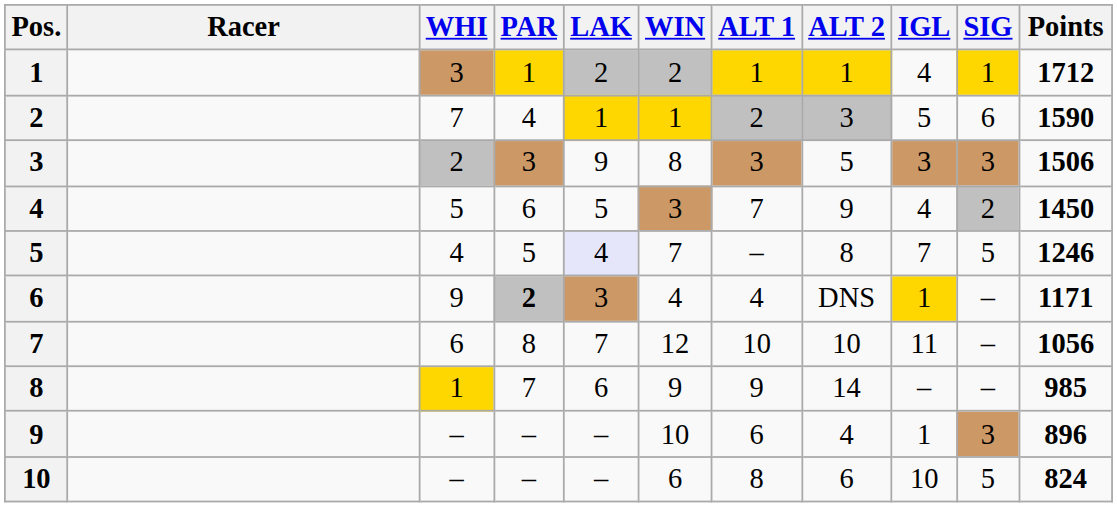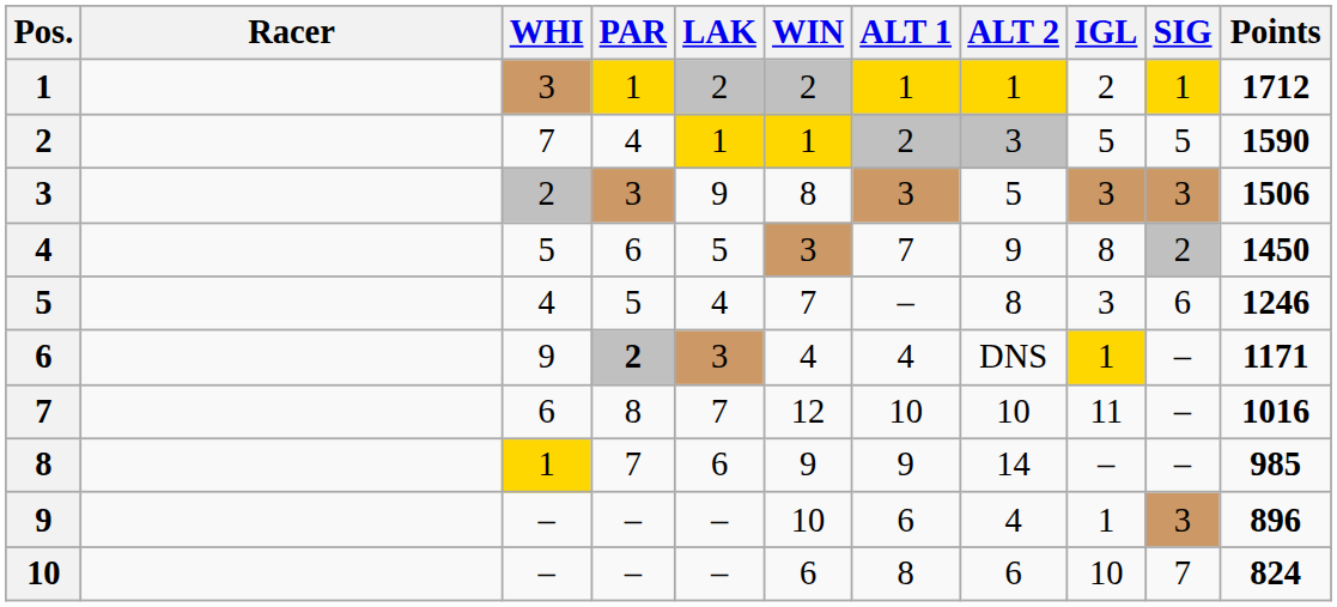 <table class="wikitable sortable plainrowheaders" style="text-align:center;">
 <tr>
 <th scope="col">Pos.</th>
 <th scope="col" style="width:190px;">Racer</th>
 <th scope="col"><strong> <a href='#'>WHI</a></strong></th>
 <th><strong> <a href='#'>PAR</a></strong></th>
 <th><strong> <a href='#'>LAK</a></strong></th>
 <th><strong> <a href='#'>WIN</a></strong></th>
 <th><strong> <a href='#'>ALT 1</a></strong></th>
 <th><strong> <a href='#'>ALT 2</a></strong></th>
 <th><strong> <a href='#'>IGL</a></strong></th>
 <th><strong> <a href='#'>SIG</a></strong></th>
 <th style="width:45px;">Points</th>
 </tr>
 <tr>
 <th>1</th>
 <td style="text-align:left"></td>
 <td style="background:#c96">3</td>
 <td style="background:gold">1</td>
 <td style="background:silver">2</td>
 <td style="background:silver">2</td>
 <td style="background:gold">1</td>
 <td style="background:gold">1</td>
-<td>4</td>
+<td>2</td>
 <td style="background:gold">1</td>
 <td><strong>1712</strong></td>
 </tr>
 <tr>
 <th>2</th>
 <td style="text-align:left"></td>
 <td>7</td>
 <td>4</td>
 <td style="background:gold">1</td>
 <td style="background:gold">1</td>
 <td style="background:silver">2</td>
 <td style="background:silver">3</td>
 <td>5</td>
-<td>6</td>
+<td>5</td>
 <td><strong>1590</strong></td>
 </tr>
 <tr>
 <th>3</th>
 <td style="text-align:left"></td>
 <td style="background:silver">2</td>
 <td style="background:#c96">3</td>
 <td>9</td>
 <td>8</td>
 <td style="background:#c96">3</td>
 <td>5</td>
 <td style="background:#c96">3</td>
 <td style="background:#c96">3</td>
 <td><strong>1506</strong></td>
 </tr>
 <tr>
 <th>4</th>
 <td style="text-align:left"></td>
 <td>5</td>
 <td>6</td>
 <td>5</td>
 <td style="background:#c96">3</td>
 <td>7</td>
 <td>9</td>
-<td>4</td>
+<td>8</td>
 <td style="background:silver">2</td>
 <td><strong>1450</strong></td>
 </tr>
 <tr>
 <th>5</th>
 <td style="text-align:left"></td>
 <td>4</td>
 <td>5</td>
-<td style="background: lavender;">4</td>
+<td>4</td>
 <td>7</td>
 <td>–</td>
 <td>8</td>
-<td>7</td>
-<td>5</td>
+<td>3</td>
+<td>6</td>
 <td><strong>1246</strong></td>
 </tr>
 <tr>
 <th>6</th>
 <td style="text-align:left"></td>
 <td>9</td>
 <td style="background:silver"><strong>2</strong></td>
 <td style="background:#c96">3</td>
 <td>4</td>
 <td>4</td>
 <td>DNS</td>
 <td style="background:gold">1</td>
 <td>–</td>
 <td><strong>1171</strong></td>
 </tr>
 <tr>
 <th>7</th>
 <td style="text-align:left"></td>
 <td>6</td>
 <td>8</td>
 <td>7</td>
 <td>12</td>
 <td>10</td>
 <td>10</td>
 <td>11</td>
 <td>–</td>
-<td><strong>1056</strong></td>
+<td><strong>1016</strong></td>
 </tr>
 <tr>
 <th>8</th>
 <td style="text-align:left"></td>
 <td style="background:gold">1</td>
 <td>7</td>
 <td>6</td>
 <td>9</td>
 <td>9</td>
 <td>14</td>
 <td>–</td>
 <td>–</td>
 <td><strong>985</strong></td>
 </tr>
 <tr>
 <th>9</th>
 <td style="text-align:left"></td>
 <td>–</td>
 <td>–</td>
 <td>–</td>
 <td>10</td>
 <td>6</td>
 <td>4</td>
 <td>1</td>
 <td style="background:#c96">3</td>
 <td><strong>896</strong></td>
 </tr>
 <tr>
 <th>10</th>
 <td style="text-align:left"></td>
 <td>–</td>
 <td>–</td>
 <td>–</td>
 <td>6</td>
 <td>8</td>
 <td>6</td>
 <td>10</td>
-<td>5</td>
+<td>7</td>
 <td><strong>824</strong></td>
 </tr>
 </table>
